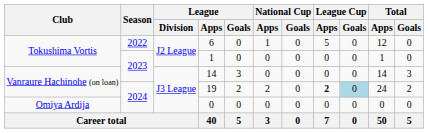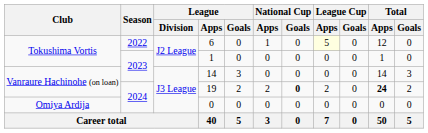 <table class="wikitable" style="text-align: center">
 <tr>
 <th rowspan="2">Club</th>
 <th rowspan="2">Season</th>
 <th colspan="3">League</th>
 <th colspan="2">National Cup</th>
 <th colspan="2">League Cup</th>
 <th colspan="2">Total</th>
 </tr>
 <tr>
 <th>Division</th>
 <th>Apps</th>
 <th>Goals</th>
 <th>Apps</th>
 <th>Goals</th>
 <th>Apps</th>
 <th>Goals</th>
 <th>Apps</th>
 <th>Goals</th>
 </tr>
 <tr>
 <td rowspan="2"><a href='#'>Tokushima Vortis</a></td>
 <td><a href='#'>2022</a></td>
 <td rowspan="2"><a href='#'>J2 League</a></td>
 <td>6</td>
 <td>0</td>
 <td>1</td>
 <td>0</td>
-<td>5</td>
+<td style="background: lightyellow;">5</td>
 <td>0</td>
 <td>12</td>
 <td>0</td>
 </tr>
 <tr>
 <td rowspan="2"><a href='#'>2023</a></td>
 <td>1</td>
 <td>0</td>
 <td>0</td>
 <td>0</td>
 <td>0</td>
 <td>0</td>
 <td>1</td>
 <td>0</td>
 </tr>
 <tr>
 <td rowspan="2"><a href='#'>Vanraure Hachinohe</a> <small>(on loan)</small></td>
 <td rowspan="3"><a href='#'>J3 League</a></td>
 <td>14</td>
 <td>3</td>
 <td>0</td>
 <td>0</td>
 <td>0</td>
 <td>0</td>
 <td>14</td>
 <td>3</td>
 </tr>
 <tr>
 <td rowspan="2"><a href='#'>2024</a></td>
 <td>19</td>
 <td>2</td>
 <td>2</td>
+<td><strong>0</strong></td>
+<td>2</td>
 <td>0</td>
-<td><strong>2</strong></td>
-<td style="background: lightblue;">0</td>
-<td>24</td>
+<td><strong>24</strong></td>
 <td>2</td>
 </tr>
 <tr>
 <td><a href='#'>Omiya Ardija</a></td>
 <td>0</td>
 <td>0</td>
 <td>0</td>
 <td>0</td>
 <td>0</td>
 <td>0</td>
 <td>0</td>
 <td>0</td>
 </tr>
 <tr>
 <th colspan=3>Career total</th>
 <th>40</th>
 <th>5</th>
 <th>3</th>
 <th>0</th>
 <th>7</th>
 <th>0</th>
 <th>50</th>
 <th>5</th>
 </tr>
 </table>
